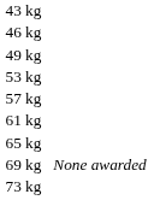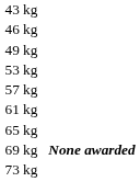 <table>
 <tr>
 <td>43 kg</td>
 <td></td>
 <td></td>
 <td></td>
 </tr>
 <tr>
 <td>46 kg</td>
 <td></td>
 <td></td>
 <td></td>
 </tr>
 <tr>
 <td>49 kg</td>
 <td></td>
 <td></td>
 <td></td>
 </tr>
 <tr>
 <td>53 kg</td>
 <td></td>
 <td></td>
 <td></td>
 </tr>
 <tr>
 <td>57 kg</td>
 <td></td>
 <td></td>
 <td></td>
 </tr>
 <tr>
 <td>61 kg</td>
 <td></td>
 <td></td>
 <td></td>
 </tr>
 <tr>
 <td>65 kg</td>
 <td></td>
 <td></td>
 <td></td>
 </tr>
 <tr>
 <td>69 kg</td>
 <td></td>
 <td></td>
-<td><em>None awarded</em></td>
+<td><strong><em>None awarded</em></strong></td>
 </tr>
 <tr>
 <td>73 kg</td>
 <td></td>
 <td></td>
 <td></td>
 </tr>
 </table>
